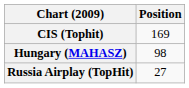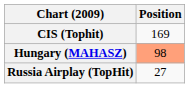 <table class="wikitable sortable plainrowheaders" style="text-align:center">
 <tr>
 <th scope="col">Chart (2009)</th>
 <th scope="col">Position</th>
 </tr>
 <tr>
 <th scope="row">CIS (Tophit)</th>
 <td>169</td>
 </tr>
 <tr>
 <th scope="row">Hungary (<a href='#'>MAHASZ</a>)</th>
-<td>98</td>
+<td style="background: lightsalmon;">98</td>
 </tr>
 <tr>
 <th scope="row">Russia Airplay (TopHit)</th>
 <td>27</td>
 </tr>
 </table>
